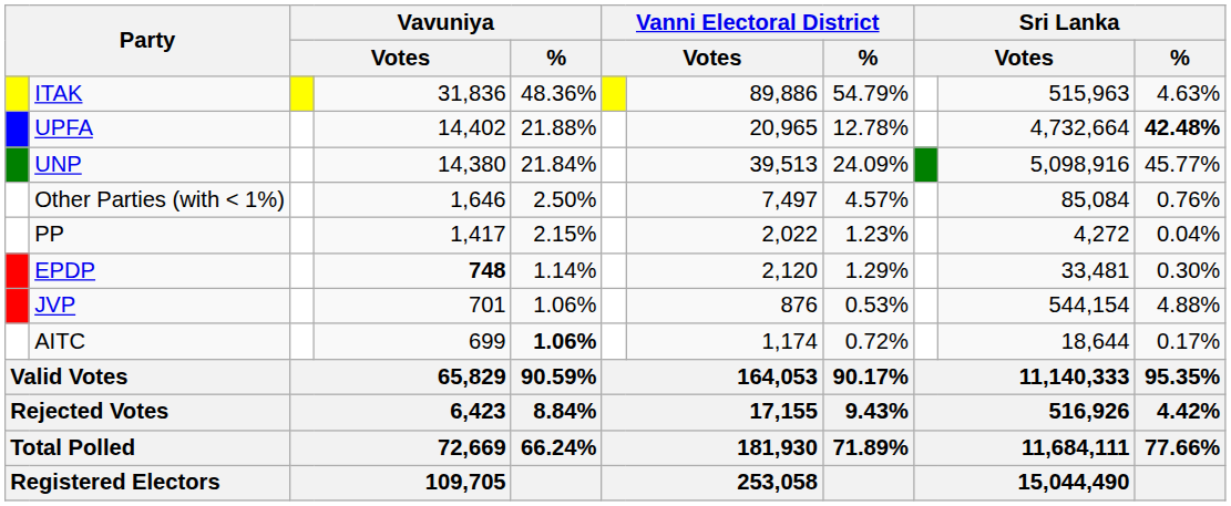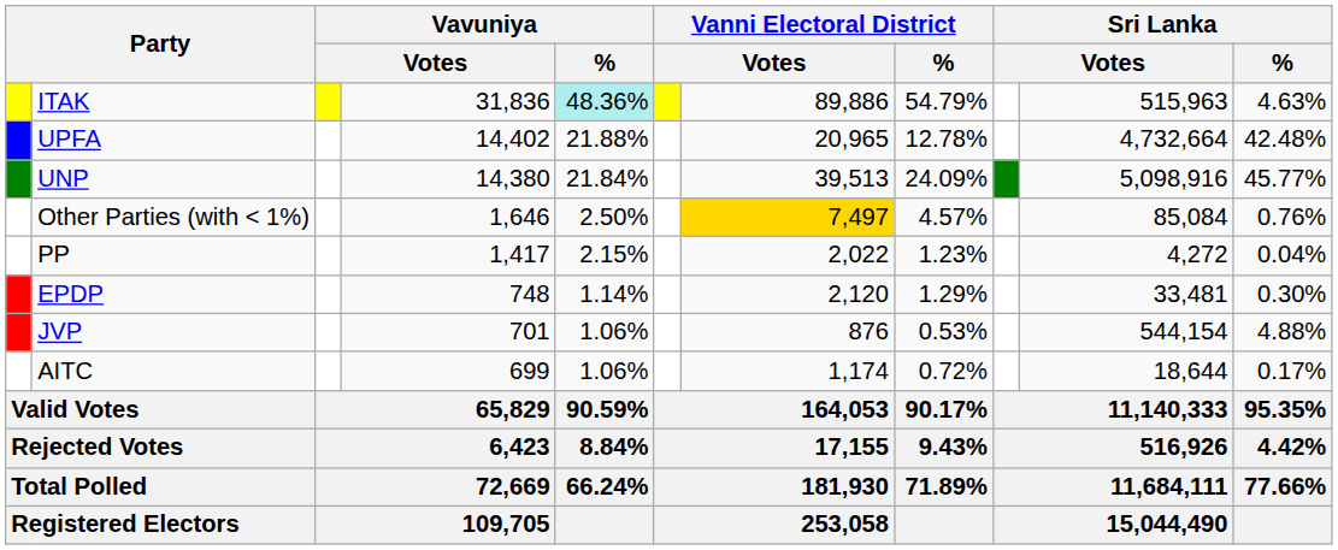 <table class="wikitable">
 <tr>
 <th colspan="2" width="144px"rowspan="2">Party</th>
 <th colspan="3" width="216px">Vavuniya</th>
 <th colspan="3" width="216px"><a href='#'>Vanni Electoral District</a></th>
 <th colspan="3" width="216px">Sri Lanka</th>
 </tr>
 <tr>
 <th colspan="2" width="144px">Votes</th>
 <th>%</th>
 <th colspan="2" width="144px">Votes</th>
 <th>%</th>
 <th colspan="2" width="144px">Votes</th>
 <th>%</th>
 </tr>
 <tr>
 <td style="background-color:yellow;" width="10px"></td>
 <td style="text-align:left;"><a href='#'>ITAK</a></td>
 <td style="background-color:yellow;" width="10px"></td>
 <td style="text-align:right;">31,836</td>
-<td style="text-align:right;">48.36%</td>
+<td style="background: paleturquoise; text-align:right;">48.36%</td>
 <td style="background-color:yellow;" width="10px"></td>
 <td style="text-align:right;">89,886</td>
 <td style="text-align:right;">54.79%</td>
 <td style="background-color:white;" width="10px"></td>
 <td style="text-align:right;">515,963</td>
 <td style="text-align:right;">4.63%</td>
 </tr>
 <tr>
 <td style="background-color:blue;" width="10px"></td>
 <td style="text-align:left;"><a href='#'>UPFA</a></td>
 <td style="background-color:white;" width="10px"></td>
 <td style="text-align:right;">14,402</td>
 <td style="text-align:right;">21.88%</td>
 <td style="background-color:white;" width="10px"></td>
 <td style="text-align:right;">20,965</td>
 <td style="text-align:right;">12.78%</td>
 <td style="background-color:white;" width="10px"></td>
 <td style="text-align:right;">4,732,664</td>
-<td style="text-align:right;"><strong>42.48%</strong></td>
+<td style="text-align:right;">42.48%</td>
 </tr>
 <tr>
 <td style="background-color:green;" width="10px"></td>
 <td style="text-align:left;"><a href='#'>UNP</a></td>
 <td style="background-color:white;" width="10px"></td>
 <td style="text-align:right;">14,380</td>
 <td style="text-align:right;">21.84%</td>
 <td style="background-color:white;" width="10px"></td>
 <td style="text-align:right;">39,513</td>
 <td style="text-align:right;">24.09%</td>
 <td style="background-color:green;" width="10px"></td>
 <td style="text-align:right;">5,098,916</td>
 <td style="text-align:right;">45.77%</td>
 </tr>
 <tr>
 <td style="background-color:white;" width="10px"></td>
 <td style="text-align:left;">Other Parties (with < 1%)</td>
 <td style="background-color:white;" width="10px"></td>
 <td style="text-align:right;">1,646</td>
 <td style="text-align:right;">2.50%</td>
 <td style="background-color:white;" width="10px"></td>
-<td style="text-align:right;">7,497</td>
+<td style="background: gold; text-align:right;">7,497</td>
 <td style="text-align:right;">4.57%</td>
 <td style="background-color:white;" width="10px"></td>
 <td style="text-align:right;">85,084</td>
 <td style="text-align:right;">0.76%</td>
 </tr>
 <tr>
 <td style="background-color:white;" width="10px"></td>
 <td style="text-align:left;">PP</td>
 <td style="background-color:white;" width="10px"></td>
 <td style="text-align:right;">1,417</td>
 <td style="text-align:right;">2.15%</td>
 <td style="background-color:white;" width="10px"></td>
 <td style="text-align:right;">2,022</td>
 <td style="text-align:right;">1.23%</td>
 <td style="background-color:white;" width="10px"></td>
 <td style="text-align:right;">4,272</td>
 <td style="text-align:right;">0.04%</td>
 </tr>
 <tr>
 <td style="background-color:red;" width="10px"></td>
 <td style="text-align:left;"><a href='#'>EPDP</a></td>
 <td style="background-color:white;" width="10px"></td>
-<td style="text-align:right;"><strong>748</strong></td>
+<td style="text-align:right;">748</td>
 <td style="text-align:right;">1.14%</td>
 <td style="background-color:white;" width="10px"></td>
 <td style="text-align:right;">2,120</td>
 <td style="text-align:right;">1.29%</td>
 <td style="background-color:white;" width="10px"></td>
 <td style="text-align:right;">33,481</td>
 <td style="text-align:right;">0.30%</td>
 </tr>
 <tr>
 <td style="background-color:red;" width="10px"></td>
 <td style="text-align:left;"><a href='#'>JVP</a></td>
 <td style="background-color:white;" width="10px"></td>
 <td style="text-align:right;">701</td>
 <td style="text-align:right;">1.06%</td>
 <td style="background-color:white;" width="10px"></td>
 <td style="text-align:right;">876</td>
 <td style="text-align:right;">0.53%</td>
 <td style="background-color:white;" width="10px"></td>
 <td style="text-align:right;">544,154</td>
 <td style="text-align:right;">4.88%</td>
 </tr>
 <tr>
 <td style="background-color:white;" width="10px"></td>
 <td style="text-align:left;">AITC</td>
 <td style="background-color:white;" width="10px"></td>
 <td style="text-align:right;">699</td>
-<td style="text-align:right;"><strong>1.06%</strong></td>
+<td style="text-align:right;">1.06%</td>
 <td style="background-color:white;" width="10px"></td>
 <td style="text-align:right;">1,174</td>
 <td style="text-align:right;">0.72%</td>
 <td style="background-color:white;" width="10px"></td>
 <td style="text-align:right;">18,644</td>
 <td style="text-align:right;">0.17%</td>
 </tr>
 <tr>
 <th colspan="2" width="144px"style="text-align:left;">Valid Votes</th>
 <th style="text-align:right;"colspan="2" width="144px">65,829</th>
 <th style="text-align:right;">90.59%</th>
 <th style="text-align:right;"colspan="2" width="144px">164,053</th>
 <th style="text-align:right;">90.17%</th>
 <th style="text-align:right;"colspan="2" width="144px">11,140,333</th>
 <th style="text-align:right;">95.35%</th>
 </tr>
 <tr>
 <th colspan="2" width="144px"style="text-align:left;">Rejected Votes</th>
 <th style="text-align:right;"colspan="2" width="144px">6,423</th>
 <th style="text-align:right;">8.84%</th>
 <th style="text-align:right;"colspan="2" width="144px">17,155</th>
 <th style="text-align:right;">9.43%</th>
 <th style="text-align:right;"colspan="2" width="144px">516,926</th>
 <th style="text-align:right;">4.42%</th>
 </tr>
 <tr>
 <th colspan="2" width="144px"style="text-align:left;">Total Polled</th>
 <th style="text-align:right;"colspan="2" width="144px">72,669</th>
 <th style="text-align:right;">66.24%</th>
 <th style="text-align:right;"colspan="2" width="144px">181,930</th>
 <th style="text-align:right;">71.89%</th>
 <th style="text-align:right;"colspan="2" width="144px">11,684,111</th>
 <th style="text-align:right;">77.66%</th>
 </tr>
 <tr>
 <th colspan="2" width="144px"style="text-align:left;">Registered Electors</th>
 <th style="text-align:right;"colspan="2" width="144px">109,705</th>
 <th></th>
 <th style="text-align:right;"colspan="2" width="144px">253,058</th>
 <th></th>
 <th style="text-align:right;"colspan="2" width="144px">15,044,490</th>
 <th></th>
 </tr>
 </table>
